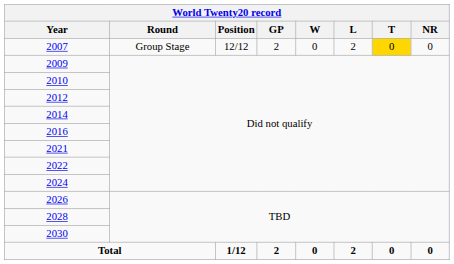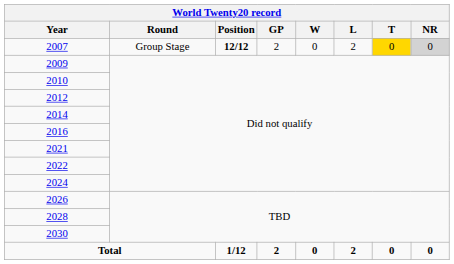 <table class="wikitable" style="text-align: center; width=900px;">
 <tr>
 <th colspan=9><a href='#'>World Twenty20 record</a></th>
 </tr>
 <tr>
 <th width=150>Year</th>
 <th width=150>Round</th>
 <th width=50>Position</th>
 <th width=50>GP</th>
 <th width=50>W</th>
 <th width=50>L</th>
 <th width=50>T</th>
 <th width=50>NR</th>
 </tr>
 <tr>
 <td> <a href='#'>2007</a></td>
 <td>Group Stage</td>
-<td>12/12</td>
+<td><strong>12/12</strong></td>
 <td>2</td>
 <td>0</td>
 <td>2</td>
 <td style="background: gold;">0</td>
-<td>0</td>
+<td style="background: lightgrey;">0</td>
 </tr>
 <tr>
 <td> <a href='#'>2009</a></td>
 <td rowspan=8 colspan=7>Did not qualify</td>
 </tr>
 <tr>
 <td> <a href='#'>2010</a></td>
 </tr>
 <tr>
 <td> <a href='#'>2012</a></td>
 </tr>
 <tr>
 <td> <a href='#'>2014</a></td>
 </tr>
 <tr>
 <td> <a href='#'>2016</a></td>
 </tr>
 <tr>
 <td> <a href='#'>2021</a></td>
 </tr>
 <tr>
 <td> <a href='#'>2022</a></td>
 </tr>
 <tr>
 <td> <a href='#'>2024</a></td>
 </tr>
 <tr>
 <td> <a href='#'>2026</a></td>
 <td rowspan=3 colspan=7>TBD</td>
 </tr>
 <tr>
 <td> <a href='#'>2028</a></td>
 </tr>
 <tr>
 <td>  <a href='#'>2030</a></td>
 </tr>
 <tr>
 <td colspan=2><strong>Total</strong></td>
 <td><strong>1/12</strong></td>
 <td><strong>2</strong></td>
 <td><strong>0</strong></td>
 <td><strong>2</strong></td>
 <td><strong>0</strong></td>
 <td><strong>0</strong></td>
 </tr>
 </table>
